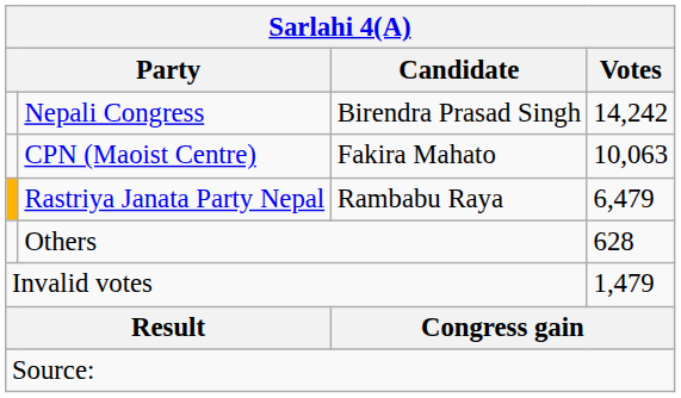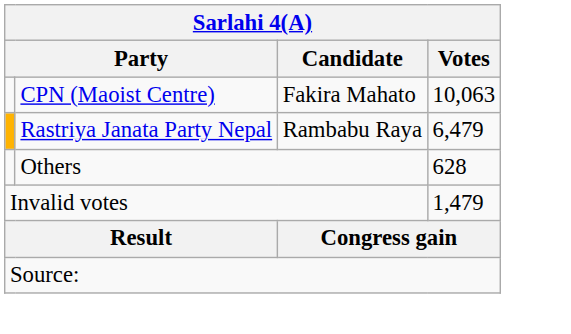 <table class="wikitable">
 <tr>
 <th colspan="4"><a href='#'>Sarlahi 4(A)</a></th>
 </tr>
 <tr>
 <th colspan="2">Party</th>
 <th>Candidate</th>
 <th>Votes</th>
-</tr>
-<tr>
-<td style="background-color:"></td>
-<td><a href='#'>Nepali Congress</a></td>
-<td>Birendra Prasad Singh</td>
-<td>14,242</td>
 </tr>
 <tr>
 <td style="background-color:"></td>
 <td><a href='#'>CPN (Maoist Centre)</a></td>
 <td>Fakira Mahato</td>
 <td>10,063</td>
 </tr>
 <tr>
 <td style="background-color:#ffb300"></td>
 <td><a href='#'>Rastriya Janata Party Nepal</a></td>
 <td>Rambabu Raya</td>
 <td>6,479</td>
 </tr>
 <tr>
 <td></td>
 <td colspan="2">Others</td>
 <td>628</td>
 </tr>
 <tr>
 <td colspan="3">Invalid votes</td>
 <td>1,479</td>
 </tr>
 <tr>
 <th colspan="2">Result</th>
 <th colspan="2">Congress gain</th>
 </tr>
 <tr>
 <td colspan="4">Source:</td>
 </tr>
 </table>
